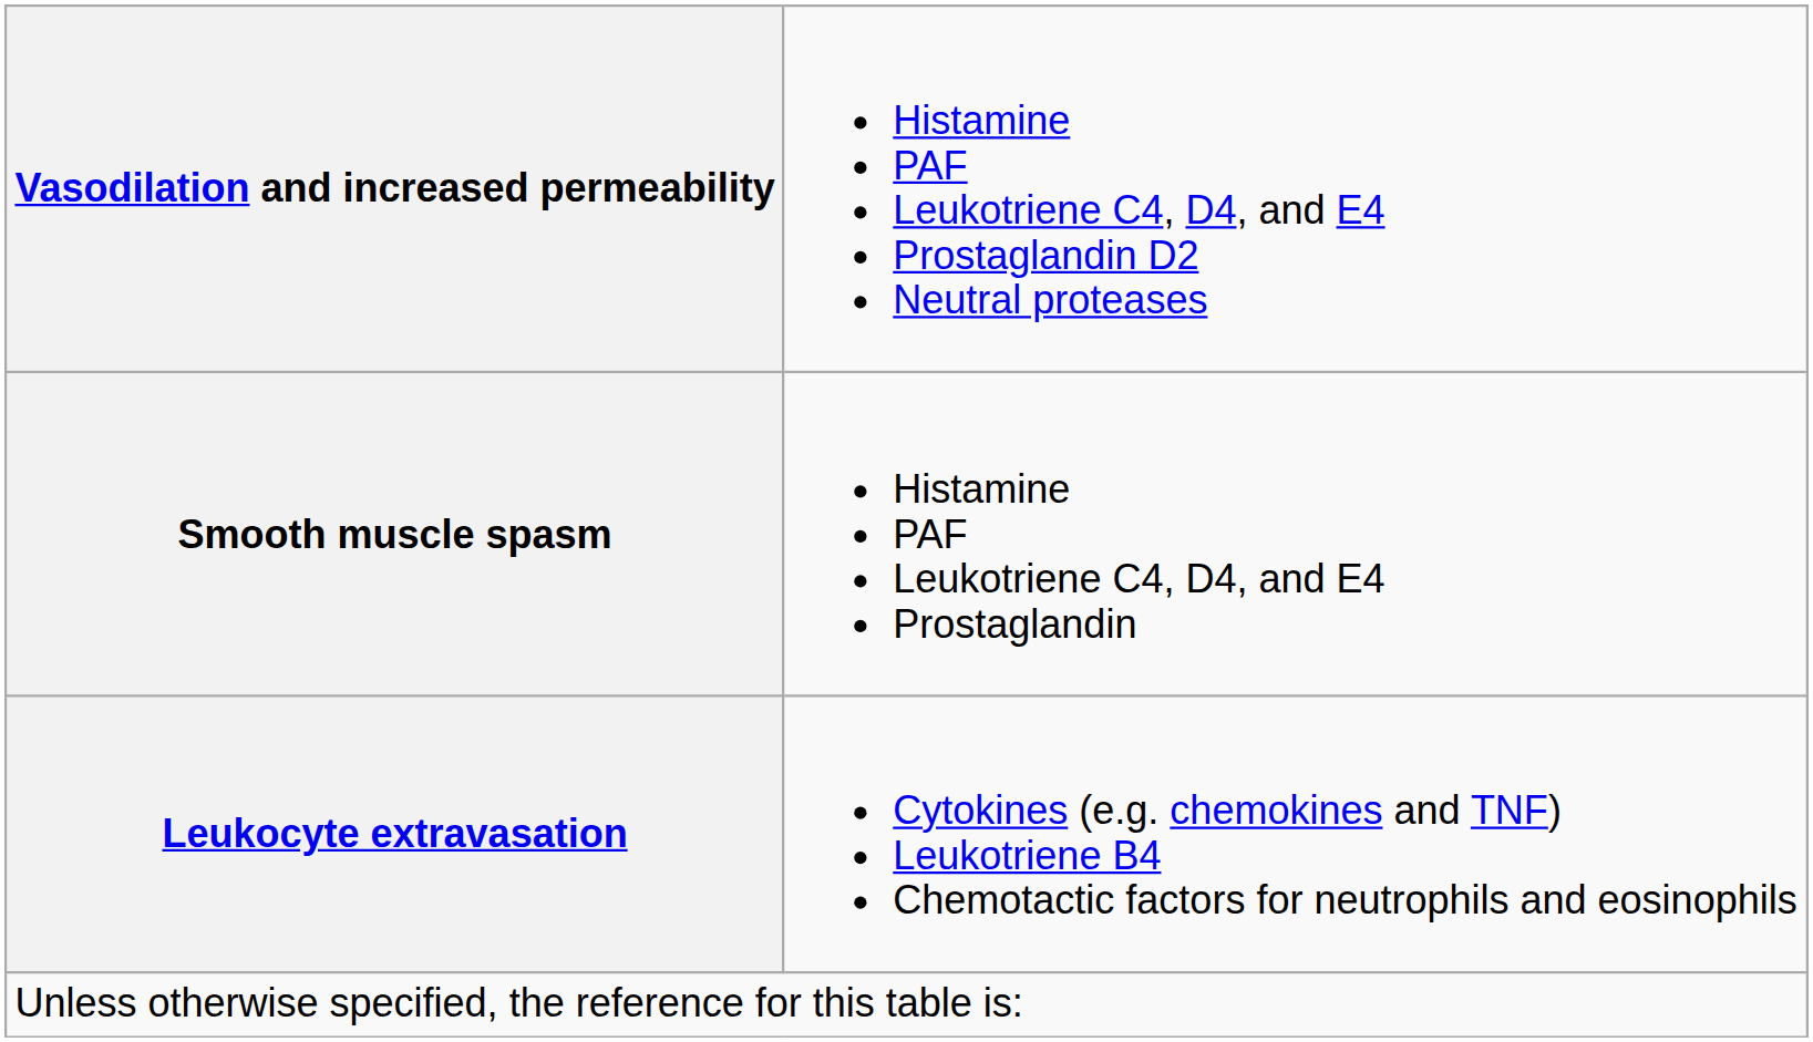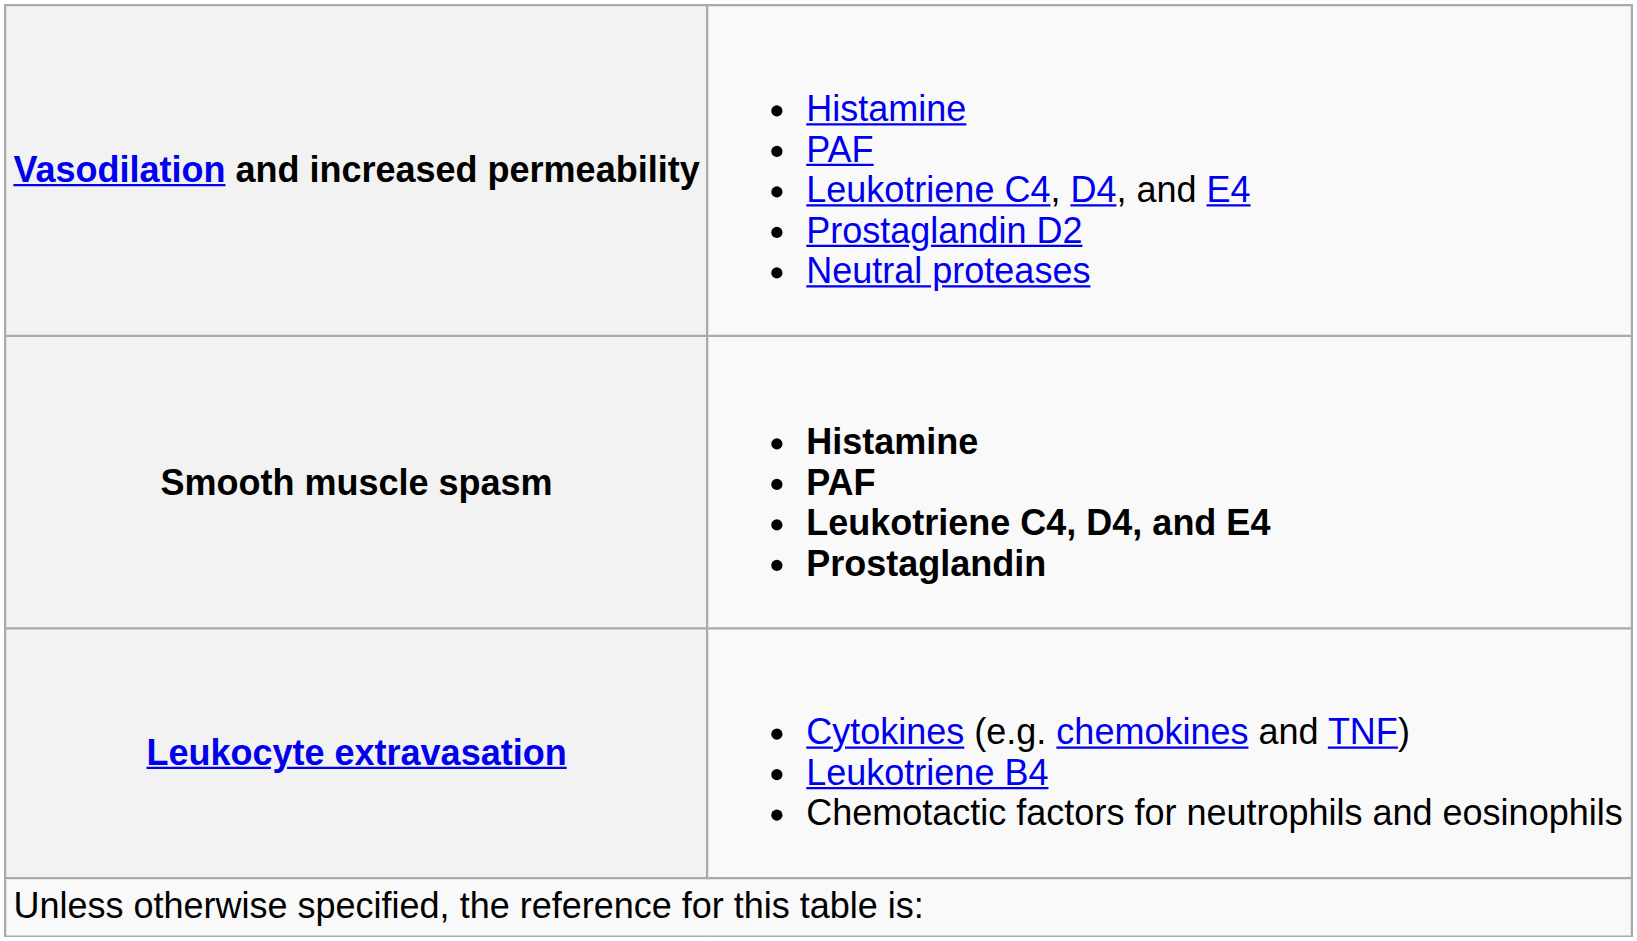 <table class="wikitable">
 <tr>
 <th><a href='#'>Vasodilation</a> and increased permeability</th>
 <td><br><ul><li><a href='#'>Histamine</a></li><li><a href='#'>PAF</a></li><li><a href='#'>Leukotriene C4</a>, <a href='#'>D4</a>, and <a href='#'>E4</a></li><li><a href='#'>Prostaglandin D2</a></li><li><a href='#'>Neutral proteases</a></li></ul></td>
 </tr>
 <tr>
 <th>Smooth muscle spasm</th>
-<td><br><ul><li>Histamine</li><li>PAF</li><li>Leukotriene C4, D4, and E4</li><li>Prostaglandin</li></ul></td>
+<td><strong><br><ul><li>Histamine</li><li>PAF</li><li>Leukotriene C4, D4, and E4</li><li>Prostaglandin</li></ul></strong></td>
 </tr>
 <tr>
 <th><a href='#'>Leukocyte extravasation</a></th>
 <td><br><ul><li><a href='#'>Cytokines</a> (e.g. <a href='#'>chemokines</a> and <a href='#'>TNF</a>)</li><li><a href='#'>Leukotriene B4</a></li><li>Chemotactic factors for neutrophils and eosinophils</li></ul></td>
 </tr>
 <tr>
 <td colspan=3><span> Unless otherwise specified, the reference for this table is:</span></td>
 </tr>
 </table>
